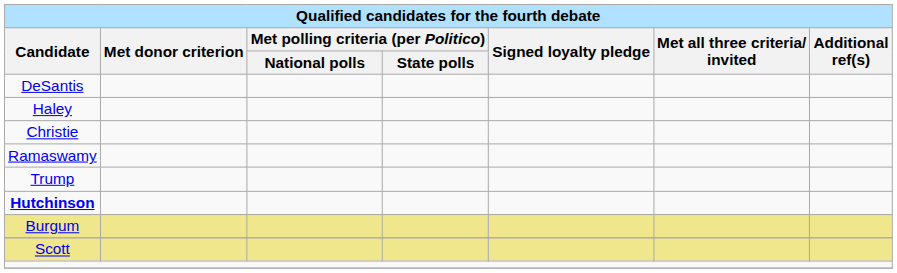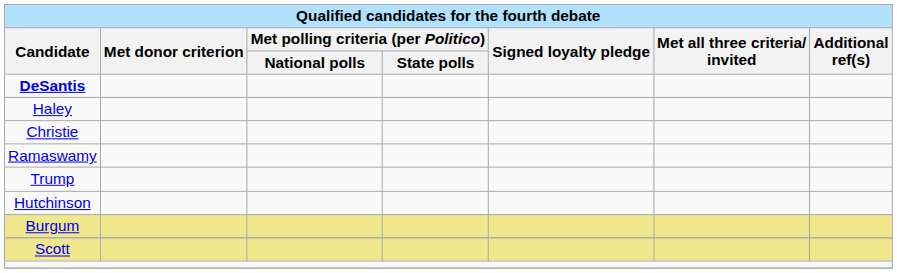 <table class="wikitable sortable collapsible" style="text-align:center;font-size:95%;line-height:16px;">
 <tr>
 <td colspan="8" style="color:black; vertical-align:top; text-align:center; background-color:#B0E2FF;" class="table-no"><strong>Qualified candidates for the fourth debate</strong></td>
 </tr>
 <tr>
 <th rowspan=2>Candidate</th>
 <th rowspan=2>Met donor criterion</th>
 <th colspan=2>Met polling criteria (per <em>Politico</em>)</th>
 <th rowspan=2>Signed loyalty pledge</th>
 <th rowspan=2>Met all three criteria/<br>invited</th>
 <th rowspan=2 class="unsortable">Additional<br>ref(s)</th>
 </tr>
 <tr>
 <th>National polls</th>
 <th>State polls</th>
 </tr>
 <tr>
-<td><a href='#'>DeSantis</a></td>
+<td><strong><a href='#'>DeSantis</a></strong></td>
 <td></td>
 <td><br></td>
 <td><br></td>
 <td></td>
 <td></td>
 <td></td>
 </tr>
 <tr>
 <td><a href='#'>Haley</a></td>
 <td></td>
 <td><br></td>
 <td><br></td>
 <td></td>
 <td></td>
 <td></td>
 </tr>
 <tr>
 <td><a href='#'>Christie</a></td>
 <td></td>
 <td><br></td>
 <td><br></td>
 <td></td>
 <td></td>
 <td></td>
 </tr>
 <tr>
 <td><a href='#'>Ramaswamy</a></td>
 <td></td>
 <td><br></td>
 <td><br></td>
 <td></td>
 <td></td>
 <td></td>
 </tr>
 <tr>
 <td><a href='#'>Trump</a></td>
 <td></td>
 <td><br></td>
 <td><br></td>
 <td></td>
 <td></td>
 <td></td>
 </tr>
 <tr>
-<td><strong><a href='#'>Hutchinson</a></strong></td>
+<td><a href='#'>Hutchinson</a></td>
 <td><br></td>
 <td><br></td>
 <td><br></td>
 <td></td>
 <td></td>
 <td></td>
 </tr>
 <tr style="background:#f0e68c;">
 <td><a href='#'>Burgum</a></td>
 <td></td>
 <td><br></td>
 <td><br></td>
 <td></td>
 <td></td>
 <td></td>
 </tr>
 <tr>
 </tr>
 <tr style="background:#f0e68c;">
 <td><a href='#'>Scott</a></td>
 <td><br></td>
 <td><br></td>
 <td><br></td>
 <td></td>
 <td></td>
 <td></td>
 </tr>
 <tr>
 <td colspan="8" class="table-no" style="text-align:left;"></td>
 </tr>
 <tr>
 </tr>
 </table>
